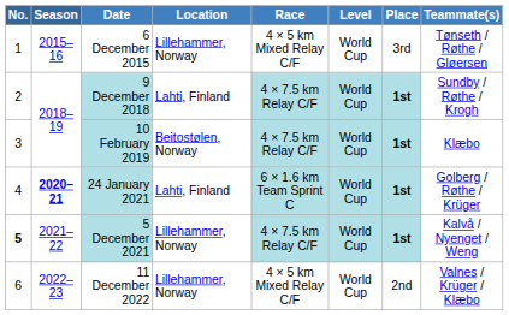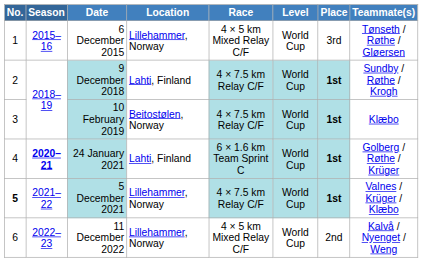 <table class="wikitable sortable" style="font-size:95%; text-align:center; border:grey solid 1px; border-collapse:collapse; background:#ffffff;">
 <tr style="background:#efefef;">
 <th style="background-color:#369; color:white;">No.</th>
 <th style="background-color:#369; color:white;">Season</th>
 <th style="background-color:#4180be; color:white; width:100px;">Date</th>
 <th style="background-color:#4180be; color:white; width:170px;">Location</th>
 <th style="background-color:#4180be; color:white; width:170px;">Race</th>
 <th style="background-color:#4180be; color:white; width:100px;">Level</th>
 <th style="background-color:#4180be; color:white;">Place</th>
 <th style="background-color:#4180be; color:white;">Teammate(s)</th>
 </tr>
 <tr>
 <td align=center>1</td>
 <td align=center><a href='#'>2015–16</a></td>
 <td align=right>6 December 2015</td>
 <td align=left> <a href='#'>Lillehammer</a>, Norway</td>
 <td>4 × 5 km Mixed Relay C/F</td>
 <td>World Cup</td>
 <td>3rd</td>
 <td><a href='#'>Tønseth</a> / <a href='#'>Røthe</a> / <a href='#'>Gløersen</a></td>
 </tr>
 <tr>
 <td align=center>2</td>
 <td rowspan=2 align=center><a href='#'>2018–19</a></td>
 <td bgcolor="#BOEOE6" align=right>9 December 2018</td>
 <td align=left> <a href='#'>Lahti</a>, Finland</td>
 <td bgcolor="#BOEOE6">4 × 7.5 km Relay C/F</td>
 <td bgcolor="#BOEOE6">World Cup</td>
 <td bgcolor="#BOEOE6"><strong>1st</strong></td>
 <td><a href='#'>Sundby</a> / <a href='#'>Røthe</a> / <a href='#'>Krogh</a></td>
 </tr>
 <tr>
 <td align=center>3</td>
 <td bgcolor="#BOEOE6" align=right>10 February 2019</td>
 <td align=left> <a href='#'>Beitostølen</a>, Norway</td>
 <td bgcolor="#BOEOE6">4 × 7.5 km Relay C/F</td>
 <td bgcolor="#BOEOE6">World Cup</td>
 <td bgcolor="#BOEOE6"><strong>1st</strong></td>
 <td><a href='#'>Klæbo</a></td>
 </tr>
 <tr>
 <td align=center>4</td>
 <td align=center><strong><a href='#'>2020–21</a></strong></td>
 <td bgcolor="#BOEOE6" align=right>24 January 2021</td>
 <td align=left> <a href='#'>Lahti</a>, Finland</td>
 <td bgcolor="#BOEOE6">6 × 1.6 km Team Sprint C</td>
 <td bgcolor="#BOEOE6">World Cup</td>
 <td bgcolor="#BOEOE6"><strong>1st</strong></td>
 <td><a href='#'>Golberg</a> / <a href='#'>Røthe</a> / <a href='#'>Krüger</a></td>
 </tr>
 <tr>
 <td align=center><strong>5</strong></td>
 <td align=center><a href='#'>2021–22</a></td>
 <td bgcolor="#BOEOE6" align=right>5 December 2021</td>
 <td align=left> <a href='#'>Lillehammer</a>, Norway</td>
 <td bgcolor="#BOEOE6">4 × 7.5 km Relay C/F</td>
 <td bgcolor="#BOEOE6">World Cup</td>
 <td bgcolor="#BOEOE6"><strong>1st</strong></td>
-<td><a href='#'>Kalvå</a> / <a href='#'>Nyenget</a> / <a href='#'>Weng</a></td>
+<td><a href='#'>Valnes</a> / <a href='#'>Krüger</a> / <a href='#'>Klæbo</a></td>
 </tr>
 <tr>
 <td align=center>6</td>
 <td align=center><a href='#'>2022–23</a></td>
 <td align=right>11 December 2022</td>
 <td align=left> <a href='#'>Lillehammer</a>, Norway</td>
 <td>4 × 5 km Mixed Relay C/F</td>
 <td>World Cup</td>
 <td>2nd</td>
-<td><a href='#'>Valnes</a> / <a href='#'>Krüger</a> / <a href='#'>Klæbo</a></td>
+<td><a href='#'>Kalvå</a> / <a href='#'>Nyenget</a> / <a href='#'>Weng</a></td>
 </tr>
 </table>
